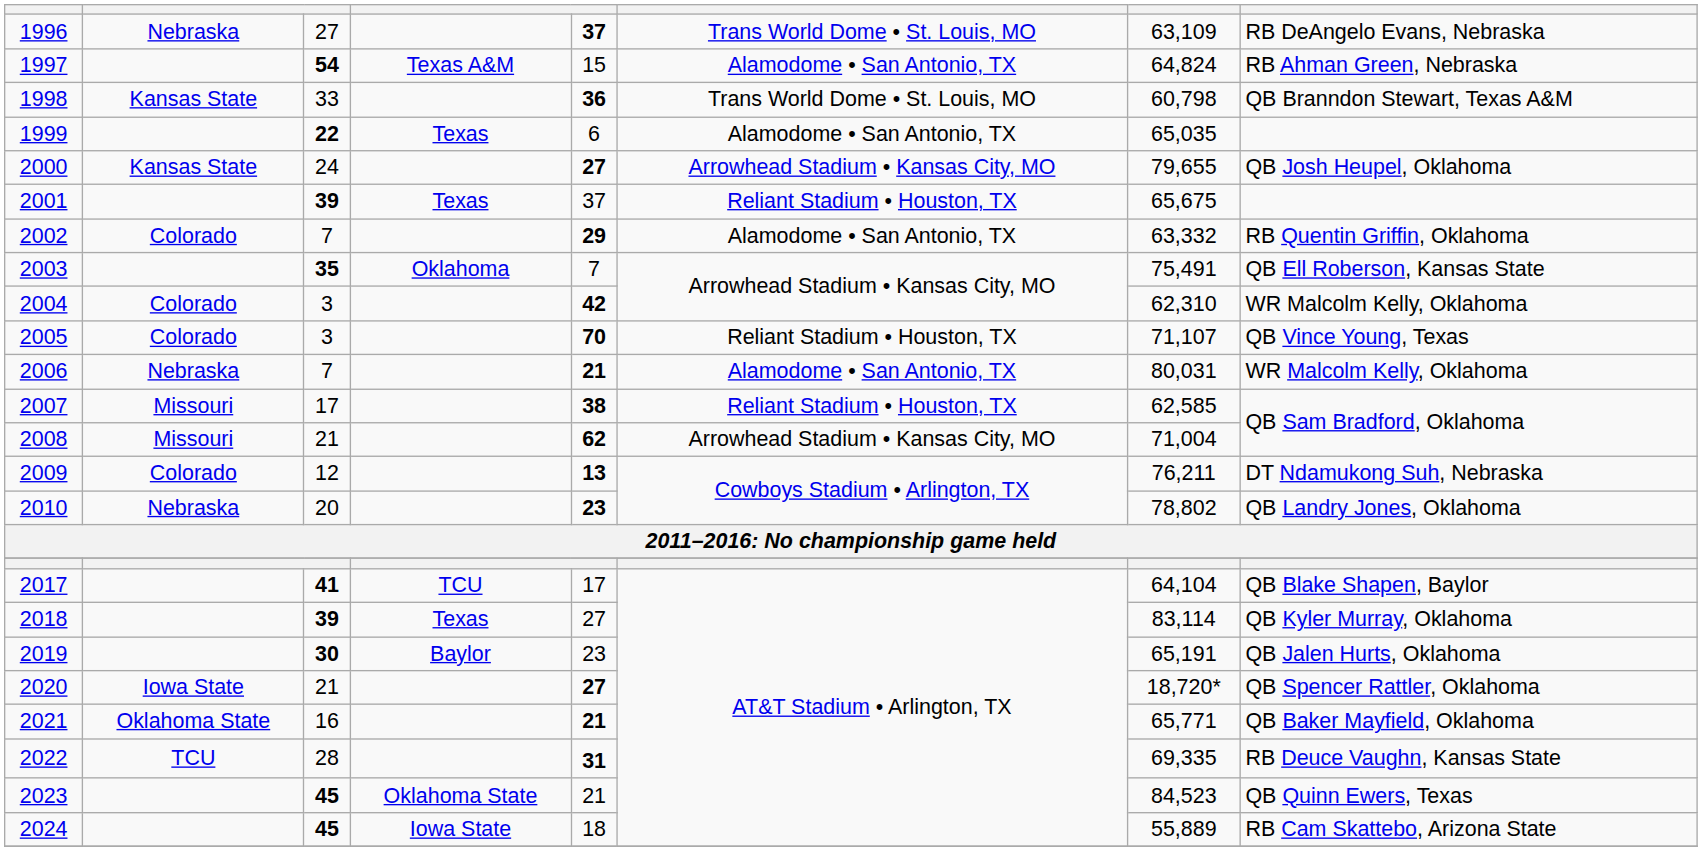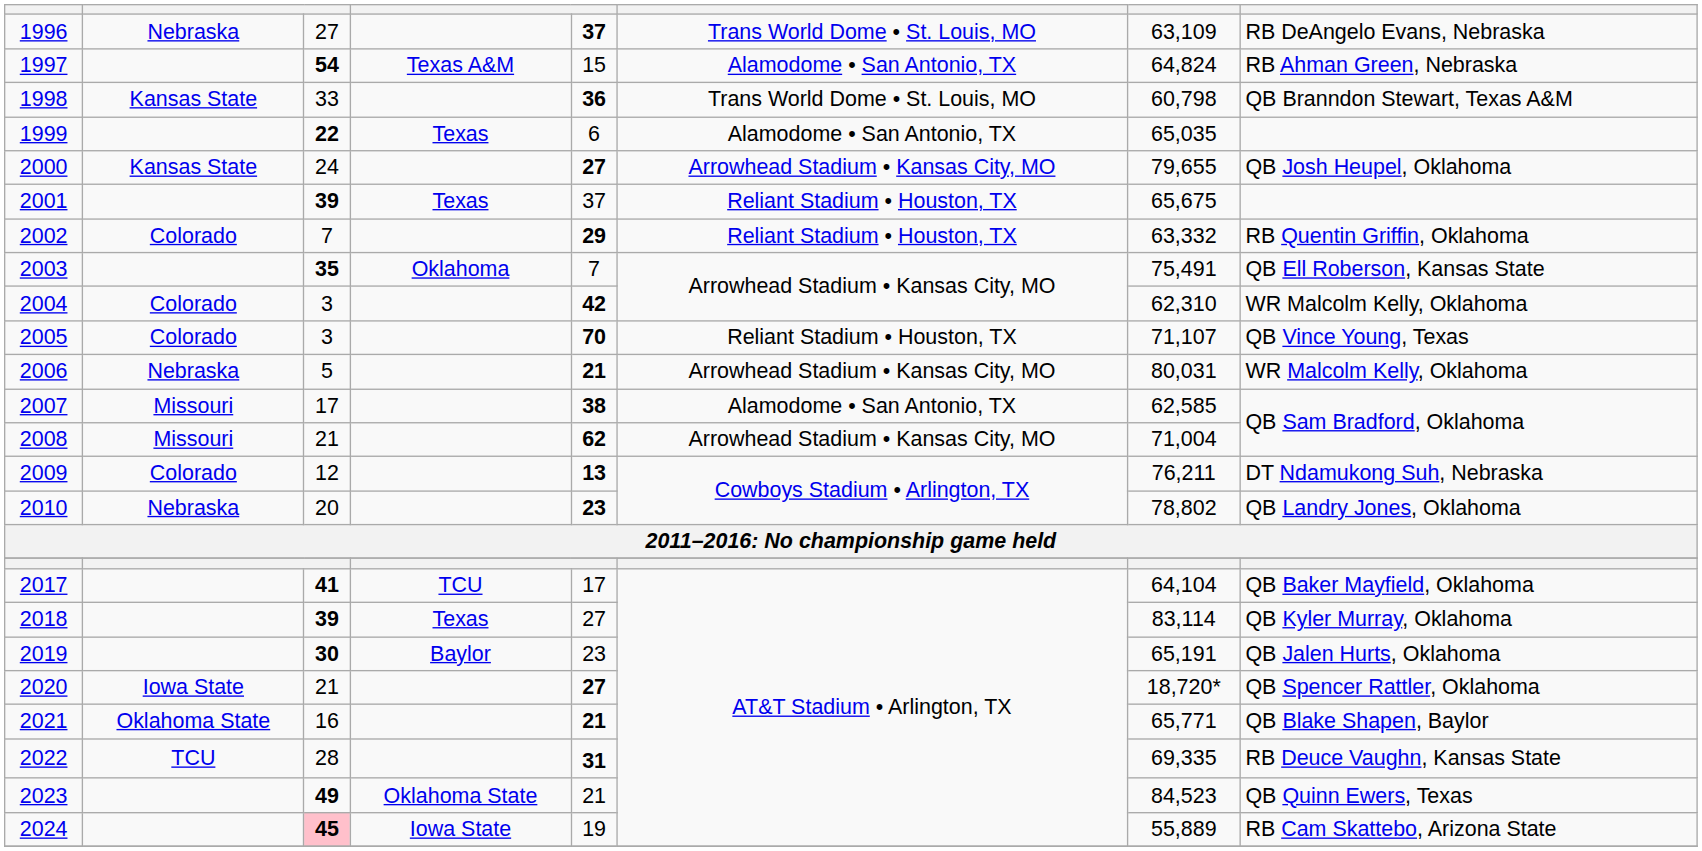 <table class="wikitable" style="text-align:center;" width=100%>
 <tr>
 <th></th>
 <th colspan="2"></th>
 <th colspan="2"></th>
 <th></th>
 <th></th>
 <th></th>
 </tr>
 <tr>
 <td><a href='#'>1996</a></td>
 <td> <a href='#'>Nebraska</a></td>
 <td>27</td>
 <td style=><strong><a href='#'></a></strong></td>
 <td><strong>37</strong></td>
 <td><a href='#'>Trans World Dome</a> • <a href='#'>St. Louis, MO</a></td>
 <td>63,109</td>
 <td align=left>RB DeAngelo Evans, Nebraska</td>
 </tr>
 <tr>
 <td><a href='#'>1997</a></td>
 <td style=> <strong><a href='#'></a></strong></td>
 <td><strong>54</strong></td>
 <td> <a href='#'>Texas A&M</a></td>
 <td>15</td>
 <td><a href='#'>Alamodome</a> • <a href='#'>San Antonio, TX</a></td>
 <td>64,824</td>
 <td align=left>RB <a href='#'>Ahman Green</a>, Nebraska</td>
 </tr>
 <tr>
 <td><a href='#'>1998</a></td>
 <td> <a href='#'>Kansas State</a></td>
 <td>33</td>
 <td style=> <strong><a href='#'></a></strong></td>
 <td><strong>36</strong></td>
 <td>Trans World Dome • St. Louis, MO</td>
 <td>60,798</td>
 <td align=left>QB Branndon Stewart, Texas A&M</td>
 </tr>
 <tr>
 <td><a href='#'>1999</a></td>
 <td style=> <strong><a href='#'></a></strong></td>
 <td><strong>22</strong></td>
 <td> <a href='#'>Texas</a></td>
 <td>6</td>
 <td>Alamodome • San Antonio, TX</td>
 <td>65,035</td>
 <td align=left></td>
 </tr>
 <tr>
 <td><a href='#'>2000</a></td>
 <td> <a href='#'>Kansas State</a></td>
 <td>24</td>
 <td style=> <strong><a href='#'></a></strong></td>
 <td><strong>27</strong></td>
 <td><a href='#'>Arrowhead Stadium</a> • <a href='#'>Kansas City, MO</a></td>
 <td>79,655</td>
 <td align=left>QB <a href='#'>Josh Heupel</a>, Oklahoma</td>
 </tr>
 <tr>
 <td><a href='#'>2001</a></td>
 <td style=> <strong><a href='#'></a></strong></td>
 <td><strong>39</strong></td>
 <td> <a href='#'>Texas</a></td>
 <td>37</td>
 <td><a href='#'>Reliant Stadium</a> • <a href='#'>Houston, TX</a></td>
 <td>65,675</td>
 <td align=left></td>
 </tr>
 <tr>
 <td><a href='#'>2002</a></td>
 <td> <a href='#'>Colorado</a></td>
 <td>7</td>
 <td style=> <strong><a href='#'></a></strong></td>
 <td><strong>29</strong></td>
-<td>Alamodome • San Antonio, TX</td>
+<td><a href='#'>Reliant Stadium</a> • <a href='#'>Houston, TX</a></td>
 <td>63,332</td>
 <td align=left>RB <a href='#'>Quentin Griffin</a>, Oklahoma</td>
 </tr>
 <tr>
 <td><a href='#'>2003</a></td>
 <td style=> <strong><a href='#'></a></strong></td>
 <td><strong>35</strong></td>
 <td> <a href='#'>Oklahoma</a></td>
 <td>7</td>
 <td rowspan=2>Arrowhead Stadium • Kansas City, MO</td>
 <td>75,491</td>
 <td align=left>QB <a href='#'>Ell Roberson</a>, Kansas State</td>
 </tr>
 <tr>
 <td><a href='#'>2004</a></td>
 <td><a href='#'>Colorado</a></td>
 <td>3</td>
 <td style=> <strong><a href='#'></a></strong></td>
 <td><strong>42</strong></td>
 <td>62,310</td>
 <td align=left>WR Malcolm Kelly, Oklahoma</td>
 </tr>
 <tr>
 <td><a href='#'>2005</a></td>
 <td><a href='#'>Colorado</a></td>
 <td>3</td>
 <td style=> <strong><a href='#'></a></strong></td>
 <td><strong>70</strong></td>
 <td>Reliant Stadium • Houston, TX</td>
 <td>71,107</td>
 <td align=left>QB <a href='#'>Vince Young</a>, Texas</td>
 </tr>
 <tr>
 <td><a href='#'>2006</a></td>
 <td> <a href='#'>Nebraska</a></td>
-<td>7</td>
+<td>5</td>
 <td style=> <strong><a href='#'></a></strong></td>
 <td><strong>21</strong></td>
-<td><a href='#'>Alamodome</a> • <a href='#'>San Antonio, TX</a></td>
+<td>Arrowhead Stadium • Kansas City, MO</td>
 <td>80,031</td>
 <td align=left>WR <a href='#'>Malcolm Kelly</a>, Oklahoma</td>
 </tr>
 <tr>
 <td><a href='#'>2007</a></td>
 <td> <a href='#'>Missouri</a></td>
 <td>17</td>
 <td style=> <strong><a href='#'></a></strong></td>
 <td><strong>38</strong></td>
-<td><a href='#'>Reliant Stadium</a> • <a href='#'>Houston, TX</a></td>
+<td>Alamodome • San Antonio, TX</td>
 <td>62,585</td>
 <td rowspan="2" align="left">QB <a href='#'>Sam Bradford</a>, Oklahoma</td>
 </tr>
 <tr>
 <td><a href='#'>2008</a></td>
 <td> <a href='#'>Missouri</a></td>
 <td>21</td>
 <td style=> <strong><a href='#'></a></strong></td>
 <td><strong>62</strong></td>
 <td>Arrowhead Stadium • Kansas City, MO</td>
 <td>71,004</td>
 </tr>
 <tr>
 <td><a href='#'>2009</a></td>
 <td><a href='#'>Colorado</a></td>
 <td>12</td>
 <td style=> <strong><a href='#'></a></strong></td>
 <td><strong>13</strong></td>
 <td rowspan=2><a href='#'>Cowboys Stadium</a> • <a href='#'>Arlington, TX</a></td>
 <td>76,211</td>
 <td align=left>DT <a href='#'>Ndamukong Suh</a>, Nebraska</td>
 </tr>
 <tr>
 <td><a href='#'>2010</a></td>
 <td> <a href='#'>Nebraska</a></td>
 <td>20</td>
 <td style=> <strong><a href='#'></a></strong></td>
 <td><strong>23</strong></td>
 <td>78,802</td>
 <td align=left>QB <a href='#'>Landry Jones</a>, Oklahoma</td>
 </tr>
 <tr>
 <th colspan="8"><em>2011–2016: No championship game held</em></th>
 </tr>
 <tr>
 </tr>
 <tr>
 </tr>
 <tr>
 </tr>
 <tr>
 <th></th>
 <th colspan="2"></th>
 <th colspan="2"></th>
 <th></th>
 <th></th>
 <th></th>
 </tr>
 <tr>
 <td><a href='#'>2017</a></td>
 <td style=> <strong><a href='#'></a></strong></td>
 <td><strong>41</strong></td>
 <td> <a href='#'>TCU</a></td>
 <td>17</td>
 <td rowspan=8><a href='#'>AT&T Stadium</a> • Arlington, TX</td>
 <td>64,104</td>
-<td align=left>QB <a href='#'>Blake Shapen</a>, Baylor</td>
+<td align=left>QB <a href='#'>Baker Mayfield</a>, Oklahoma</td>
 </tr>
 <tr>
 <td><a href='#'>2018</a></td>
 <td style=> <strong><a href='#'></a></strong></td>
 <td><strong>39</strong></td>
 <td> <a href='#'>Texas</a></td>
 <td>27</td>
 <td>83,114</td>
 <td align=left>QB <a href='#'>Kyler Murray</a>, Oklahoma</td>
 </tr>
 <tr>
 <td><a href='#'>2019</a></td>
 <td style=><strong> <a href='#'></a></strong></td>
 <td><strong>30</strong></td>
 <td> <a href='#'>Baylor</a></td>
 <td>23</td>
 <td>65,191</td>
 <td align=left>QB <a href='#'>Jalen Hurts</a>, Oklahoma</td>
 </tr>
 <tr>
 <td><a href='#'>2020</a></td>
 <td> <a href='#'>Iowa State</a></td>
 <td>21</td>
 <td style=><strong> <a href='#'></a></strong></td>
 <td><strong>27</strong></td>
 <td>18,720*</td>
 <td align=left>QB <a href='#'>Spencer Rattler</a>, Oklahoma</td>
 </tr>
 <tr>
 <td><a href='#'>2021</a></td>
 <td> <a href='#'>Oklahoma State</a></td>
 <td>16</td>
 <td style=><strong> <a href='#'></a></strong></td>
 <td><strong>21</strong></td>
 <td>65,771</td>
-<td align=left>QB <a href='#'>Baker Mayfield</a>, Oklahoma</td>
+<td align=left>QB <a href='#'>Blake Shapen</a>, Baylor</td>
 </tr>
 <tr>
 <td><a href='#'>2022</a></td>
 <td> <a href='#'>TCU</a></td>
 <td>28</td>
 <td style=><strong> <a href='#'></a></strong></td>
 <td><strong>31</strong><sup></sup></td>
 <td>69,335</td>
 <td align=left>RB <a href='#'>Deuce Vaughn</a>, Kansas State</td>
 </tr>
 <tr>
 <td><a href='#'>2023</a></td>
 <td style=> <strong><a href='#'></a></strong></td>
-<td><strong>45</strong></td>
+<td><strong>49</strong></td>
 <td> <a href='#'>Oklahoma State</a></td>
 <td>21</td>
 <td>84,523</td>
 <td align=left>QB <a href='#'>Quinn Ewers</a>, Texas</td>
 </tr>
 <tr>
 <td><a href='#'>2024</a></td>
 <td style=> <strong><a href='#'></a></strong></td>
-<td><strong>45</strong></td>
+<td style="background: pink;"><strong>45</strong></td>
 <td> <a href='#'>Iowa State</a></td>
-<td>18</td>
+<td>19</td>
 <td>55,889</td>
 <td align=left>RB <a href='#'>Cam Skattebo</a>, Arizona State</td>
 </tr>
 <tr>
 </tr>
 </table>
